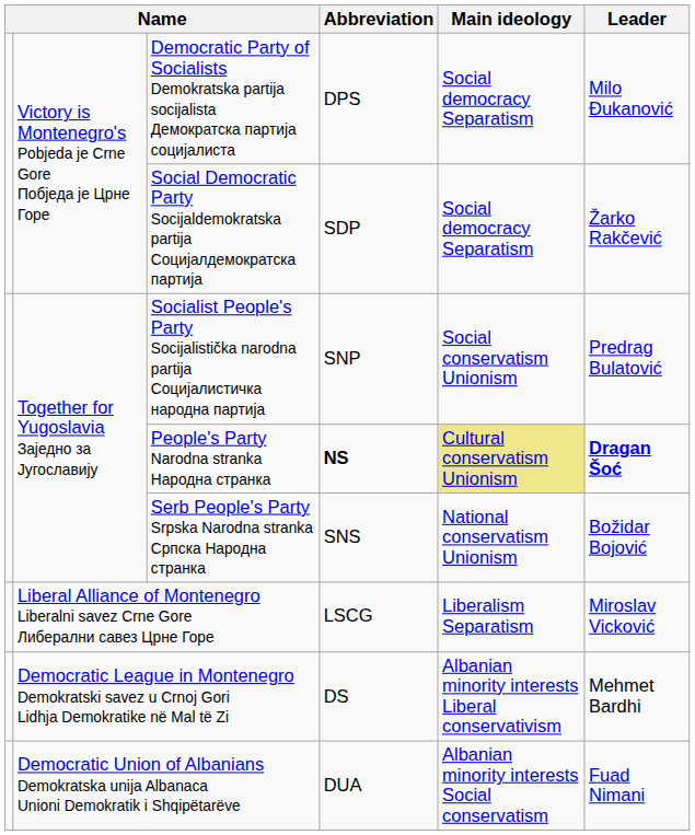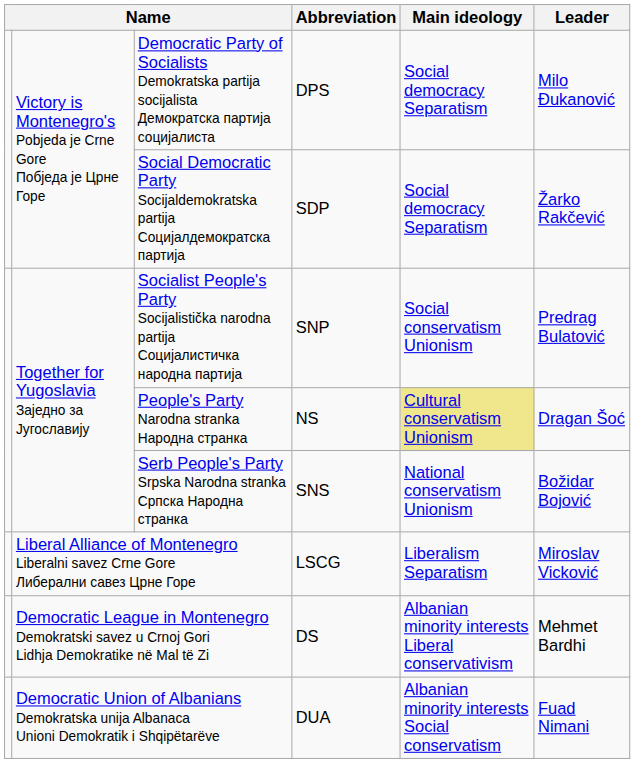 <table class=wikitable>
 <tr>
 <th colspan=3>Name</th>
 <th>Abbreviation</th>
 <th>Main ideology</th>
 <th>Leader</th>
 </tr>
 <tr>
 <td rowspan=2 bgcolor=></td>
 <td rowspan=2><a href='#'>Victory is Montenegro's</a><br><small>Pobjeda je Crne Gore<br>Побједа је Црнe Горe</small></td>
 <td><a href='#'>Democratic Party of Socialists</a><br><small>Demokratska partija socijalista<br>Демократска партија социјалиста</small></td>
 <td>DPS</td>
 <td><a href='#'>Social democracy</a><br><a href='#'>Separatism</a></td>
 <td><a href='#'>Milo Đukanović</a></td>
 </tr>
 <tr>
 <td><a href='#'>Social Democratic Party</a><br><small>Socijaldemokratska partija<br>Социјалдемократска партија</small></td>
 <td>SDP</td>
 <td><a href='#'>Social democracy</a><br><a href='#'>Separatism</a></td>
 <td><a href='#'>Žarko Rakčević</a></td>
 </tr>
 <tr>
 <td rowspan=3 bgcolor=></td>
 <td rowspan=3><a href='#'>Together for Yugoslavia</a><br><small>Заједно за Југославију</small></td>
 <td><a href='#'>Socialist People's Party</a><br><small>Socijalistička narodna partija<br>Социјалистичка народна партија</small></td>
 <td>SNP</td>
 <td><a href='#'>Social conservatism</a><br><a href='#'>Unionism</a></td>
 <td><a href='#'>Predrag Bulatović</a></td>
 </tr>
 <tr>
 <td><a href='#'>People's Party</a><br><small>Narodna stranka<br>Народна странка</small></td>
-<td><strong>NS</strong></td>
+<td>NS</td>
 <td style="background: khaki;"><a href='#'>Cultural conservatism</a><br><a href='#'>Unionism</a></td>
-<td><strong><a href='#'>Dragan Šoć</a></strong></td>
+<td><a href='#'>Dragan Šoć</a></td>
 </tr>
 <tr>
 <td><a href='#'>Serb People's Party</a><br><small>Srpska Narodna stranka<br>Српска Народна странка</small></td>
 <td>SNS</td>
 <td><a href='#'>National conservatism</a><br><a href='#'>Unionism</a></td>
 <td><a href='#'>Božidar Bojović</a></td>
 </tr>
 <tr>
 <td bgcolor=></td>
 <td colspan=2><a href='#'>Liberal Alliance of Montenegro</a><br><small>Liberalni savez Crne Gore<br>Либерални савез Црне Горе</small></td>
 <td>LSCG</td>
 <td><a href='#'>Liberalism</a><br><a href='#'>Separatism</a></td>
 <td><a href='#'>Miroslav Vicković</a></td>
 </tr>
 <tr>
 <td bgcolor=></td>
 <td colspan=2><a href='#'>Democratic League in Montenegro</a><br><small>Demokratski savez u Crnoj Gori<br>Lidhja Demokratike në Mal të Zi</small></td>
 <td>DS</td>
 <td><a href='#'>Albanian</a> <a href='#'>minority interests</a><br><a href='#'>Liberal conservativism</a></td>
 <td>Mehmet Bardhi</td>
 </tr>
 <tr>
 <td bgcolor=></td>
 <td colspan=2><a href='#'>Democratic Union of Albanians</a><br><small>Demokratska unija Albanaca<br>Unioni Demokratik i Shqipëtarëve</small></td>
 <td>DUA</td>
 <td><a href='#'>Albanian</a> <a href='#'>minority interests</a><br><a href='#'>Social conservatism</a></td>
 <td><a href='#'>Fuad Nimani</a></td>
 </tr>
 </table>
